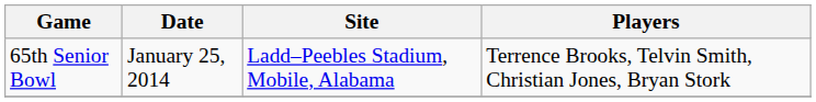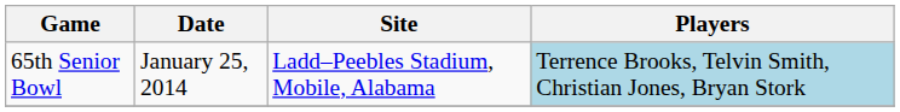 <table class="wikitable">
 <tr>
 <th>Game</th>
 <th>Date</th>
 <th>Site</th>
 <th>Players</th>
 </tr>
 <tr>
 <td>65th <a href='#'>Senior Bowl</a></td>
 <td>January 25, 2014</td>
 <td><a href='#'>Ladd–Peebles Stadium</a>, <a href='#'>Mobile, Alabama</a></td>
-<td>Terrence Brooks, Telvin Smith, Christian Jones, Bryan Stork</td>
+<td style="background: lightblue;">Terrence Brooks, Telvin Smith, Christian Jones, Bryan Stork</td>
 </tr>
 <tr style="background: #e3e3e3;">
 </tr>
 <tr>
 </tr>
 </table>
